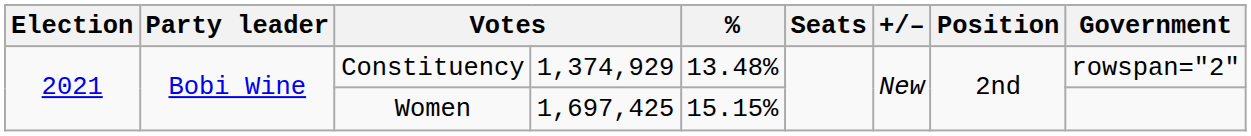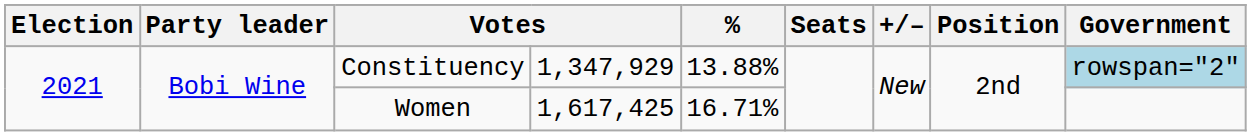 <table class="wikitable" style="text-align:center">
 <tr>
 <th>Election</th>
 <th>Party leader</th>
 <th colspan="2">Votes</th>
 <th><strong>%</strong></th>
 <th>Seats</th>
 <th><strong>+/–</strong></th>
 <th>Position</th>
 <th>Government</th>
 </tr>
 <tr>
 <td rowspan="2"><a href='#'>2021</a></td>
 <td rowspan="2"><a href='#'>Bobi Wine</a></td>
 <td>Constituency</td>
-<td>1,374,929</td>
-<td>13.48%</td>
+<td>1,347,929</td>
+<td>13.88%</td>
 <td rowspan="2"></td>
 <td rowspan="2"><em>New</em></td>
 <td rowspan="2"> 2nd</td>
-<td>rowspan="2" </td>
+<td style="background: lightblue;">rowspan="2" </td>
 </tr>
 <tr>
 <td>Women</td>
-<td>1,697,425</td>
-<td>15.15%</td>
+<td>1,617,425</td>
+<td>16.71%</td>
 </tr>
 </table>
